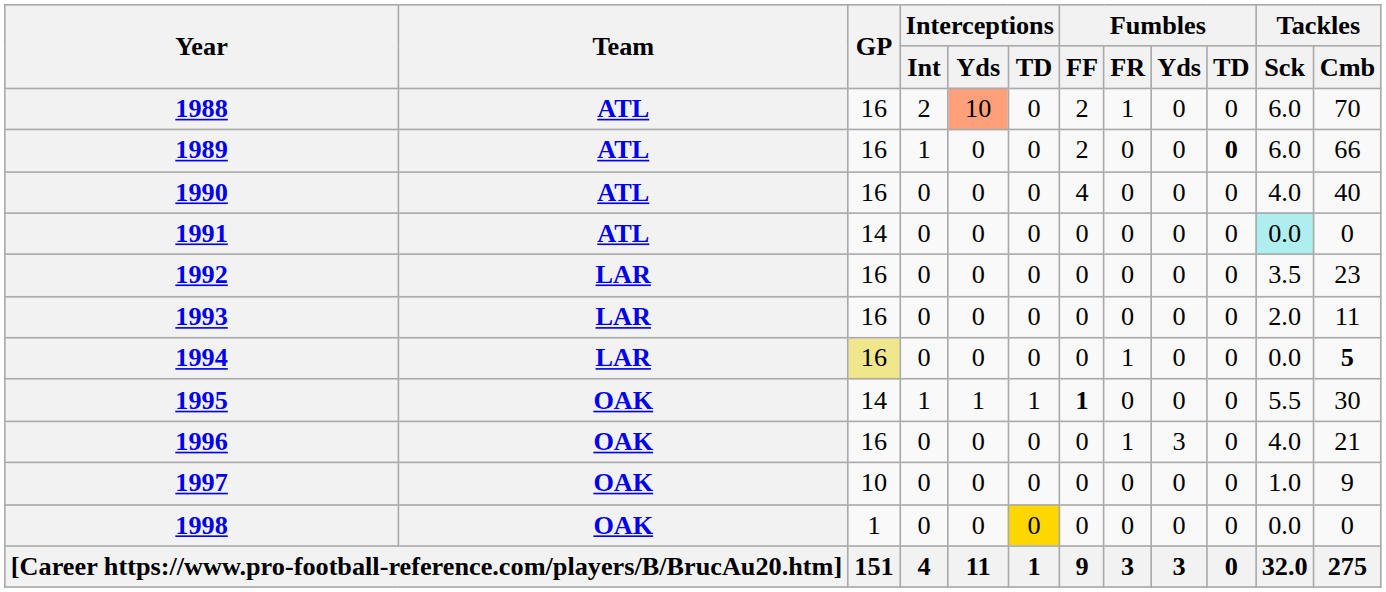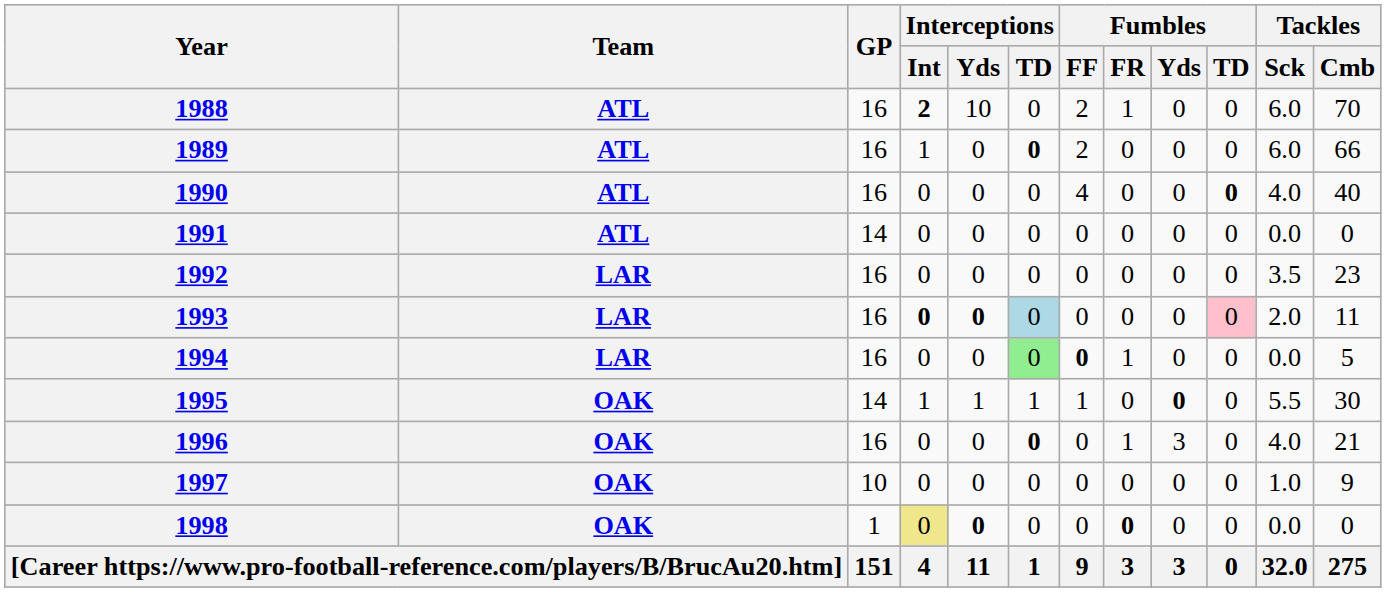 <table class="wikitable" style="text-align:center;">
 <tr>
 <th rowspan="2">Year</th>
 <th rowspan="2">Team</th>
 <th rowspan="2">GP</th>
 <th colspan="3">Interceptions</th>
 <th colspan="4">Fumbles</th>
 <th colspan="2">Tackles</th>
 </tr>
 <tr>
 <th>Int</th>
 <th>Yds</th>
 <th>TD</th>
 <th>FF</th>
 <th>FR</th>
 <th>Yds</th>
 <th>TD</th>
 <th>Sck</th>
 <th>Cmb</th>
 </tr>
 <tr>
 <th><a href='#'>1988</a></th>
 <th><a href='#'>ATL</a></th>
 <td>16</td>
-<td>2</td>
-<td style="background: lightsalmon;">10</td>
+<td><strong>2</strong></td>
+<td>10</td>
 <td>0</td>
 <td>2</td>
 <td>1</td>
 <td>0</td>
 <td>0</td>
 <td>6.0</td>
 <td>70</td>
 </tr>
 <tr>
 <th><a href='#'>1989</a></th>
 <th><a href='#'>ATL</a></th>
 <td>16</td>
 <td>1</td>
 <td>0</td>
-<td>0</td>
+<td><strong>0</strong></td>
 <td>2</td>
 <td>0</td>
 <td>0</td>
-<td><strong>0</strong></td>
+<td>0</td>
 <td>6.0</td>
 <td>66</td>
 </tr>
 <tr>
 <th><a href='#'>1990</a></th>
 <th><a href='#'>ATL</a></th>
 <td>16</td>
 <td>0</td>
 <td>0</td>
 <td>0</td>
 <td>4</td>
 <td>0</td>
 <td>0</td>
-<td>0</td>
+<td><strong>0</strong></td>
 <td>4.0</td>
 <td>40</td>
 </tr>
 <tr>
 <th><a href='#'>1991</a></th>
 <th><a href='#'>ATL</a></th>
 <td>14</td>
 <td>0</td>
 <td>0</td>
 <td>0</td>
 <td>0</td>
 <td>0</td>
 <td>0</td>
 <td>0</td>
-<td style="background: paleturquoise;">0.0</td>
+<td>0.0</td>
 <td>0</td>
 </tr>
 <tr>
 <th><a href='#'>1992</a></th>
 <th><a href='#'>LAR</a></th>
 <td>16</td>
 <td>0</td>
 <td>0</td>
 <td>0</td>
 <td>0</td>
 <td>0</td>
 <td>0</td>
 <td>0</td>
 <td>3.5</td>
 <td>23</td>
 </tr>
 <tr>
 <th><a href='#'>1993</a></th>
 <th><a href='#'>LAR</a></th>
 <td>16</td>
+<td><strong>0</strong></td>
+<td><strong>0</strong></td>
+<td style="background: lightblue;">0</td>
 <td>0</td>
 <td>0</td>
 <td>0</td>
-<td>0</td>
-<td>0</td>
-<td>0</td>
-<td>0</td>
+<td style="background: pink;">0</td>
 <td>2.0</td>
 <td>11</td>
 </tr>
 <tr>
 <th><a href='#'>1994</a></th>
 <th><a href='#'>LAR</a></th>
-<td style="background: khaki;">16</td>
+<td>16</td>
 <td>0</td>
 <td>0</td>
-<td>0</td>
-<td>0</td>
+<td style="background: lightgreen;">0</td>
+<td><strong>0</strong></td>
 <td>1</td>
 <td>0</td>
 <td>0</td>
 <td>0.0</td>
-<td><strong>5</strong></td>
+<td>5</td>
 </tr>
 <tr>
 <th><a href='#'>1995</a></th>
 <th><a href='#'>OAK</a></th>
 <td>14</td>
 <td>1</td>
 <td>1</td>
 <td>1</td>
-<td><strong>1</strong></td>
+<td>1</td>
 <td>0</td>
-<td>0</td>
+<td><strong>0</strong></td>
 <td>0</td>
 <td>5.5</td>
 <td>30</td>
 </tr>
 <tr>
 <th><a href='#'>1996</a></th>
 <th><a href='#'>OAK</a></th>
 <td>16</td>
 <td>0</td>
 <td>0</td>
-<td>0</td>
+<td><strong>0</strong></td>
 <td>0</td>
 <td>1</td>
 <td>3</td>
 <td>0</td>
 <td>4.0</td>
 <td>21</td>
 </tr>
 <tr>
 <th><a href='#'>1997</a></th>
 <th><a href='#'>OAK</a></th>
 <td>10</td>
 <td>0</td>
 <td>0</td>
 <td>0</td>
 <td>0</td>
 <td>0</td>
 <td>0</td>
 <td>0</td>
 <td>1.0</td>
 <td>9</td>
 </tr>
 <tr>
 <th><a href='#'>1998</a></th>
 <th><a href='#'>OAK</a></th>
 <td>1</td>
+<td style="background: khaki;">0</td>
+<td><strong>0</strong></td>
 <td>0</td>
 <td>0</td>
-<td style="background: gold;">0</td>
-<td>0</td>
-<td>0</td>
+<td><strong>0</strong></td>
 <td>0</td>
 <td>0</td>
 <td>0.0</td>
 <td>0</td>
 </tr>
 <tr>
 <th colspan="2">[Career https://www.pro-football-reference.com/players/B/BrucAu20.htm]</th>
 <th>151</th>
 <th>4</th>
 <th>11</th>
 <th>1</th>
 <th>9</th>
 <th>3</th>
 <th>3</th>
 <th>0</th>
 <th>32.0</th>
 <th>275</th>
 </tr>
 </table>
